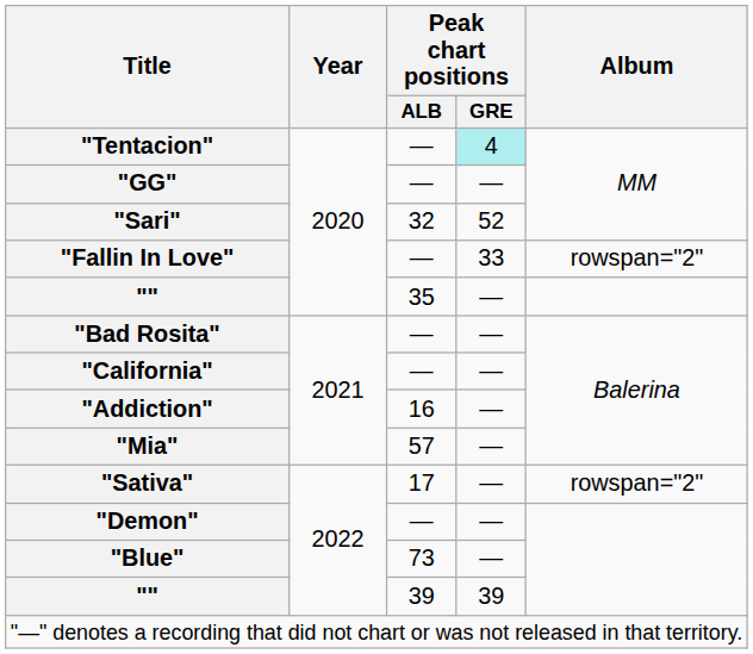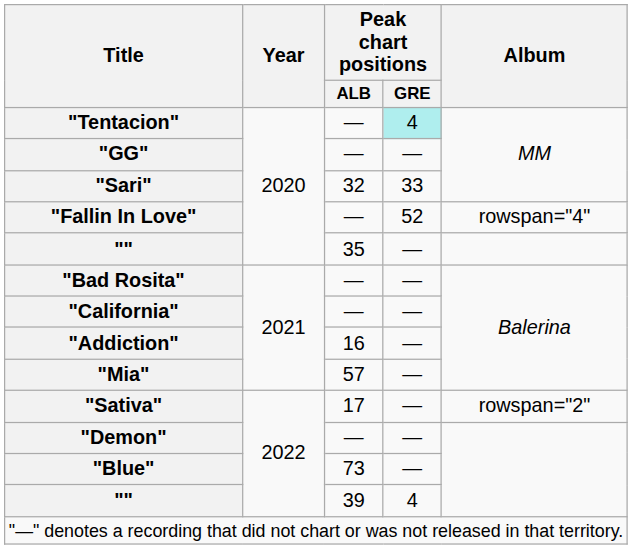 <table class="wikitable plainrowheaders" style="text-align:center;">
 <tr>
 <th scope="col" rowspan="2">Title</th>
 <th scope="col" rowspan="2">Year</th>
 <th scope="col" colspan="2">Peak<br>chart<br>positions</th>
 <th scope="col" rowspan="2">Album</th>
 </tr>
 <tr>
 <th style="width:3em; font-size:85%;">ALB<br></th>
 <th style="width:3em; font-size:85%;">GRE<br></th>
 </tr>
 <tr>
 <th scope="row">"Tentacion"<br></th>
 <td rowspan="5">2020</td>
 <td>—</td>
 <td style="background: paleturquoise;">4</td>
 <td rowspan="3"><em>MM</em></td>
 </tr>
 <tr>
 <th scope="row">"GG"<br></th>
 <td>—</td>
 <td>—</td>
 </tr>
 <tr>
 <th scope="row">"Sari"<br></th>
 <td>32</td>
-<td>52</td>
+<td>33</td>
 </tr>
 <tr>
 <th scope="row">"Fallin In Love"<br></th>
 <td>—</td>
-<td>33</td>
-<td>rowspan="2" </td>
+<td>52</td>
+<td>rowspan="4" </td>
 </tr>
 <tr>
 <th scope="row">""</th>
 <td>35</td>
 <td>—</td>
 </tr>
 <tr>
 <th scope="row">"Bad Rosita"</th>
 <td rowspan="4">2021</td>
 <td>—</td>
 <td>—</td>
 <td rowspan="4"><em>Balerina</em></td>
 </tr>
 <tr>
 <th scope="row">"California"</th>
 <td>—</td>
 <td>—</td>
 </tr>
 <tr>
 <th scope="row">"Addiction"</th>
 <td>16</td>
 <td>—</td>
 </tr>
 <tr>
 <th scope="row">"Mia"</th>
 <td>57</td>
 <td>—</td>
 </tr>
 <tr>
 <th scope="row">"Sativa"</th>
 <td rowspan="4">2022</td>
 <td>17</td>
 <td>—</td>
 <td>rowspan="2" </td>
 </tr>
 <tr>
 <th scope="row">"Demon"</th>
 <td>—</td>
 <td>—</td>
 </tr>
 <tr>
 <th scope="row">"Blue"<br></th>
 <td>73</td>
 <td>—</td>
 </tr>
 <tr>
 <th scope="row">""<br></th>
 <td>39</td>
-<td>39</td>
+<td>4</td>
 </tr>
 <tr>
 <td colspan="5" style="font-size:90%">"—" denotes a recording that did not chart or was not released in that territory.</td>
 </tr>
 </table>
